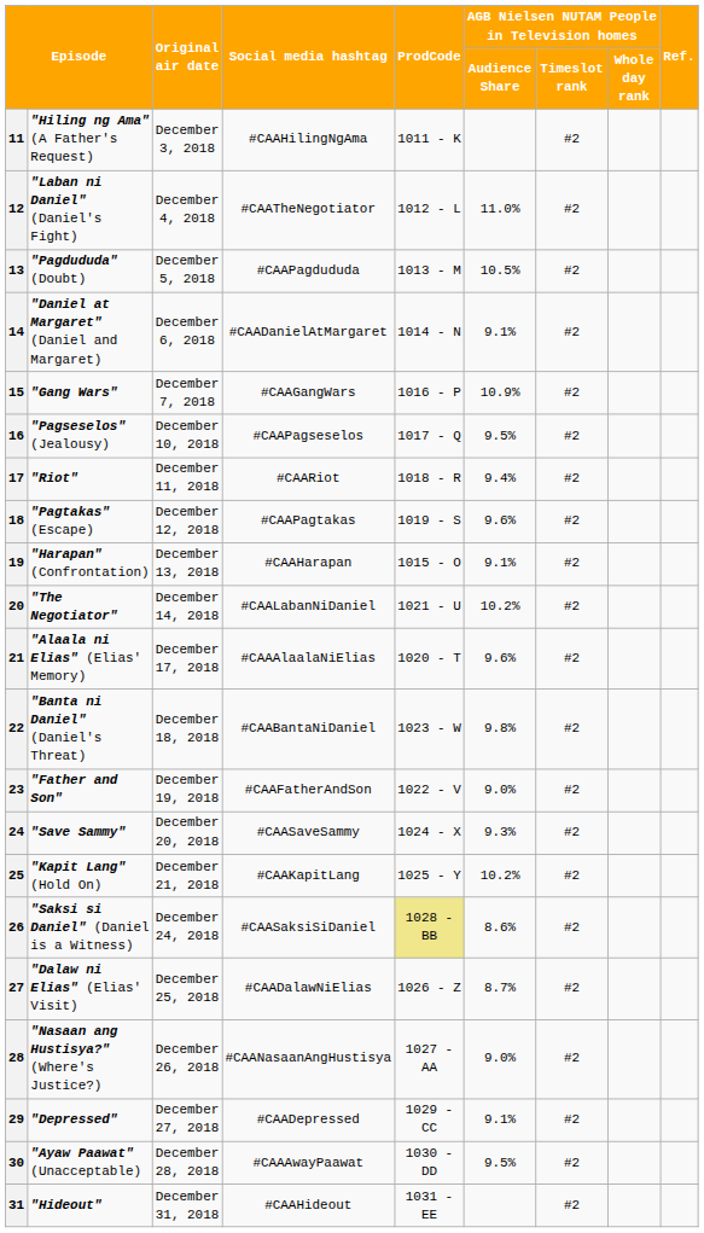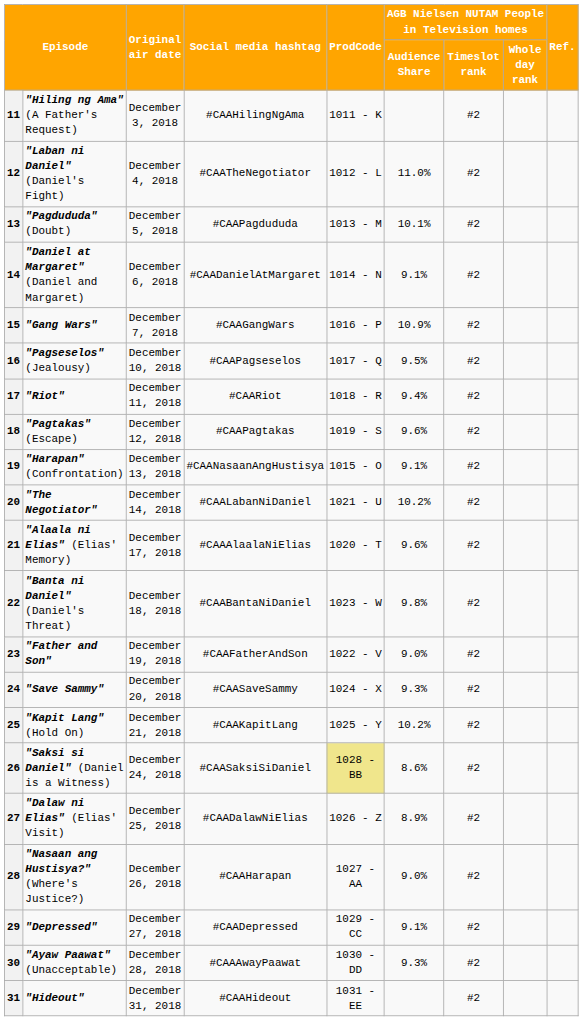 <table class="wikitable" style="text-align:center; font-size:100%; line-height:18px;" width="100%">
 <tr>
 <th style="background-color:#FFA500; color:#ffffff;" colspan="2" rowspan="2">Episode</th>
 <th style="background-color:#FFA500; color:white" rowspan="2">Original air date</th>
 <th style="background-color:#FFA500; color:white" rowspan="2">Social media hashtag</th>
 <th style="background-color:#FFA500; color:#ffffff;" rowspan="2">ProdCode</th>
 <th style="background-color:#FFA500; color:#ffffff;" colspan="3">AGB Nielsen NUTAM People in Television homes</th>
 <th style="background-color:#FFA500; color:#ffffff;" rowspan="2">Ref.</th>
 </tr>
 <tr>
 <th style="background-color:#FFA500; width:75px; color:#ffffff;">Audience Share</th>
 <th style="background-color:#FFA500; width:75px; color:#ffffff;">Timeslot<br>rank</th>
 <th style="background-color:#FFA500; width:75px; color:#ffffff;">Whole day<br>rank</th>
 </tr>
 <tr>
 <th>11</th>
 <td style="text-align: left;"><strong><em>"Hiling ng Ama"</em></strong> (A Father's Request)</td>
 <td>December 3, 2018</td>
 <td>#CAAHilingNgAma</td>
 <td>1011 - K</td>
 <td></td>
 <td>#2</td>
 <td></td>
 <td></td>
 </tr>
 <tr>
 <th>12</th>
 <td style="text-align: left;"><strong><em>"Laban ni Daniel"</em></strong> (Daniel's Fight)</td>
 <td>December 4, 2018</td>
 <td>#CAATheNegotiator</td>
 <td>1012 - L</td>
 <td>11.0%</td>
 <td>#2</td>
 <td></td>
 <td></td>
 </tr>
 <tr>
 <th>13</th>
 <td style="text-align: left;"><strong><em>"Pagdududa"</em></strong> (Doubt)</td>
 <td>December 5, 2018</td>
 <td>#CAAPagdududa</td>
 <td>1013 - M</td>
-<td>10.5%</td>
+<td>10.1%</td>
 <td>#2</td>
 <td></td>
 <td></td>
 </tr>
 <tr>
 <th>14</th>
 <td style="text-align: left;"><strong><em>"Daniel at Margaret"</em></strong> (Daniel and Margaret)</td>
 <td>December 6, 2018</td>
 <td>#CAADanielAtMargaret</td>
 <td>1014 - N</td>
 <td>9.1%</td>
 <td>#2</td>
 <td></td>
 <td></td>
 </tr>
 <tr>
 <th>15</th>
 <td style="text-align: left;"><strong><em>"Gang Wars"</em></strong></td>
 <td>December 7, 2018</td>
 <td>#CAAGangWars</td>
 <td>1016 - P</td>
 <td>10.9%</td>
 <td>#2</td>
 <td></td>
 <td></td>
 </tr>
 <tr>
 <th>16</th>
 <td style="text-align: left;"><strong><em>"Pagseselos"</em></strong> (Jealousy)</td>
 <td>December 10, 2018</td>
 <td>#CAAPagseselos</td>
 <td>1017 - Q</td>
 <td>9.5%</td>
 <td>#2</td>
 <td></td>
 <td></td>
 </tr>
 <tr>
 <th>17</th>
 <td style="text-align: left;"><strong><em>"Riot"</em></strong></td>
 <td>December 11, 2018</td>
 <td>#CAARiot</td>
 <td>1018 - R</td>
 <td>9.4%</td>
 <td>#2</td>
 <td></td>
 <td></td>
 </tr>
 <tr>
 <th>18</th>
 <td style="text-align: left;"><strong><em>"Pagtakas"</em></strong> (Escape)</td>
 <td>December 12, 2018</td>
 <td>#CAAPagtakas</td>
 <td>1019 - S</td>
 <td>9.6%</td>
 <td>#2</td>
 <td></td>
 <td></td>
 </tr>
 <tr>
 <th>19</th>
 <td style="text-align: left;"><strong><em>"Harapan"</em></strong> (Confrontation)</td>
 <td>December 13, 2018</td>
-<td>#CAAHarapan</td>
+<td>#CAANasaanAngHustisya</td>
 <td>1015 - O</td>
 <td>9.1%</td>
 <td>#2</td>
 <td></td>
 <td></td>
 </tr>
 <tr>
 <th>20</th>
 <td style="text-align: left;"><strong><em>"The Negotiator"</em></strong></td>
 <td>December 14, 2018</td>
 <td>#CAALabanNiDaniel</td>
 <td>1021 - U</td>
 <td>10.2%</td>
 <td>#2</td>
 <td></td>
 <td></td>
 </tr>
 <tr>
 <th>21</th>
 <td style="text-align: left;"><strong><em>"Alaala ni Elias"</em></strong> (Elias' Memory)</td>
 <td>December 17, 2018</td>
 <td>#CAAAlaalaNiElias</td>
 <td>1020 - T</td>
 <td>9.6%</td>
 <td>#2</td>
 <td></td>
 <td></td>
 </tr>
 <tr>
 <th>22</th>
 <td style="text-align: left;"><strong><em>"Banta ni Daniel"</em></strong> (Daniel's Threat)</td>
 <td>December 18, 2018</td>
 <td>#CAABantaNiDaniel</td>
 <td>1023 - W</td>
 <td>9.8%</td>
 <td>#2</td>
 <td></td>
 <td></td>
 </tr>
 <tr>
 <th>23</th>
 <td style="text-align: left;"><strong><em>"Father and Son"</em></strong></td>
 <td>December 19, 2018</td>
 <td>#CAAFatherAndSon</td>
 <td>1022 - V</td>
 <td>9.0%</td>
 <td>#2</td>
 <td></td>
 <td></td>
 </tr>
 <tr>
 <th>24</th>
 <td style="text-align: left;"><strong><em>"Save Sammy"</em></strong></td>
 <td>December 20, 2018</td>
 <td>#CAASaveSammy</td>
 <td>1024 - X</td>
 <td>9.3%</td>
 <td>#2</td>
 <td></td>
 <td></td>
 </tr>
 <tr>
 <th>25</th>
 <td style="text-align: left;"><strong><em>"Kapit Lang"</em></strong> (Hold On)</td>
 <td>December 21, 2018</td>
 <td>#CAAKapitLang</td>
 <td>1025 - Y</td>
 <td>10.2%</td>
 <td>#2</td>
 <td></td>
 <td></td>
 </tr>
 <tr>
 <th>26</th>
 <td style="text-align: left;"><strong><em>"Saksi si Daniel"</em></strong> (Daniel is a Witness)</td>
 <td>December 24, 2018</td>
 <td>#CAASaksiSiDaniel</td>
 <td style="background: khaki;">1028 - BB</td>
 <td>8.6%</td>
 <td>#2</td>
 <td></td>
 <td></td>
 </tr>
 <tr>
 <th>27</th>
 <td style="text-align: left;"><strong><em>"Dalaw ni Elias"</em></strong> (Elias' Visit)</td>
 <td>December 25, 2018</td>
 <td>#CAADalawNiElias</td>
 <td>1026 - Z</td>
-<td>8.7%</td>
+<td>8.9%</td>
 <td>#2</td>
 <td></td>
 <td></td>
 </tr>
 <tr>
 <th>28</th>
 <td style="text-align: left;"><strong><em>"Nasaan ang Hustisya?"</em></strong> (Where's Justice?)</td>
 <td>December 26, 2018</td>
-<td>#CAANasaanAngHustisya</td>
+<td>#CAAHarapan</td>
 <td>1027 - AA</td>
 <td>9.0%</td>
 <td>#2</td>
 <td></td>
 <td></td>
 </tr>
 <tr>
 <th>29</th>
 <td style="text-align: left;"><strong><em>"Depressed"</em></strong></td>
 <td>December 27, 2018</td>
 <td>#CAADepressed</td>
 <td>1029 - CC</td>
 <td>9.1%</td>
 <td>#2</td>
 <td></td>
 <td></td>
 </tr>
 <tr>
 <th>30</th>
 <td style="text-align: left;"><strong><em>"Ayaw Paawat"</em></strong> (Unacceptable)</td>
 <td>December 28, 2018</td>
 <td>#CAAAwayPaawat</td>
 <td>1030 - DD</td>
-<td>9.5%</td>
+<td>9.3%</td>
 <td>#2</td>
 <td></td>
 <td></td>
 </tr>
 <tr>
 <th>31</th>
 <td style="text-align: left;"><strong><em>"Hideout"</em></strong></td>
 <td>December 31, 2018</td>
 <td>#CAAHideout</td>
 <td>1031 - EE</td>
 <td></td>
 <td>#2</td>
 <td></td>
 <td></td>
 </tr>
 </table>
